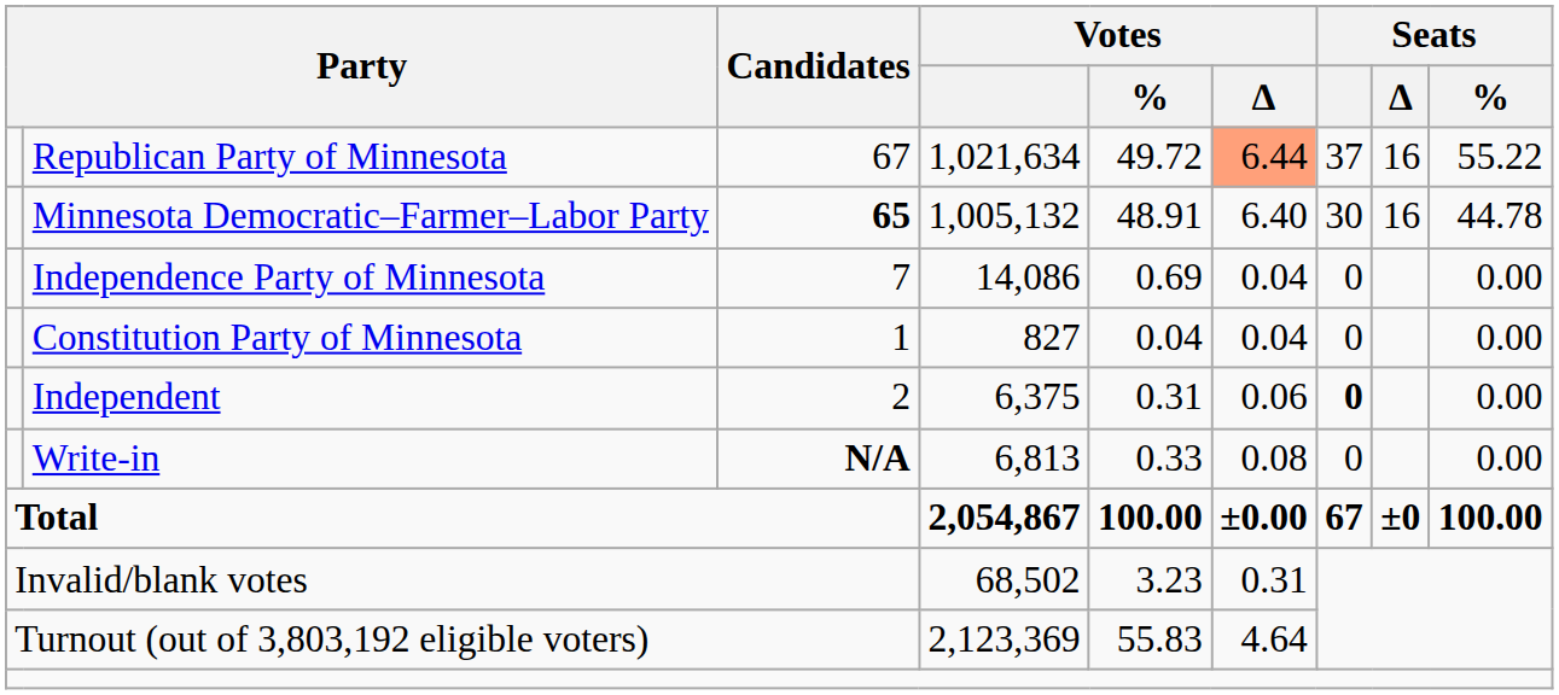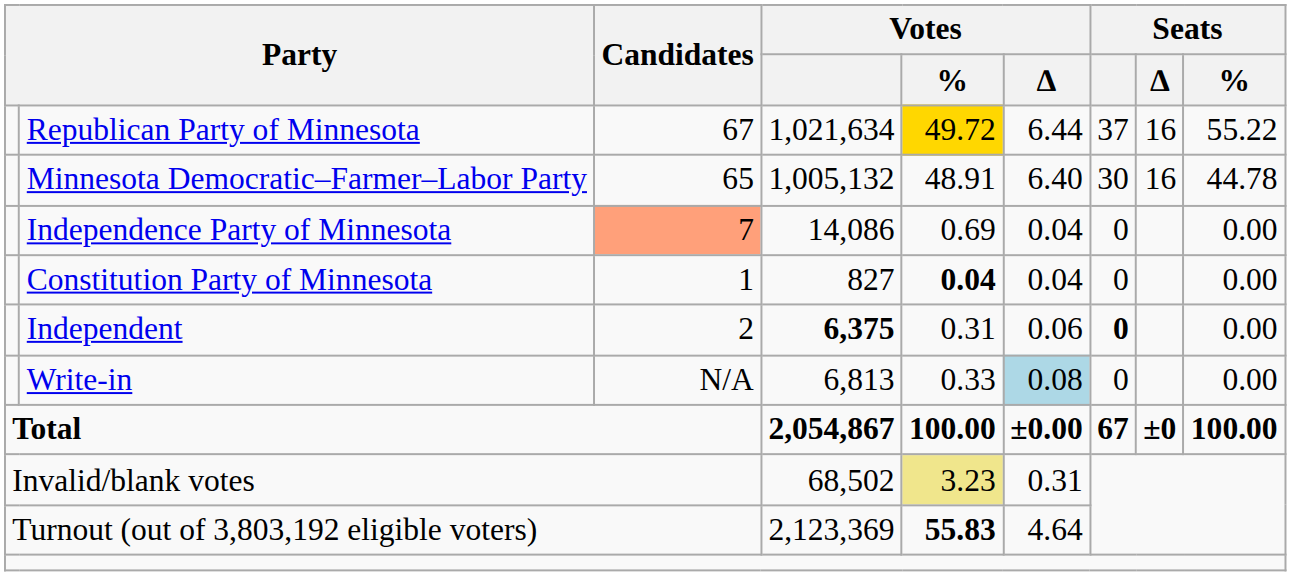 <table class="wikitable">
 <tr>
 <th rowspan="2" colspan="2">Party</th>
 <th rowspan="2">Candidates</th>
 <th colspan="3">Votes</th>
 <th colspan="3">Seats</th>
 </tr>
 <tr>
 <th></th>
 <th>%</th>
 <th>∆</th>
 <th></th>
 <th>∆</th>
 <th>%</th>
 </tr>
 <tr>
 <td style="background-color:"></td>
 <td><a href='#'>Republican Party of Minnesota</a></td>
 <td align="right">67</td>
 <td align="right">1,021,634</td>
-<td align="right">49.72</td>
-<td align="right" style="background: lightsalmon;">6.44</td>
+<td align="right" style="background: gold;">49.72</td>
+<td align="right">6.44</td>
 <td align="right">37</td>
 <td align="right">16</td>
 <td align="right">55.22</td>
 </tr>
 <tr>
 <td style="background-color:"></td>
 <td><a href='#'>Minnesota Democratic–Farmer–Labor Party</a></td>
-<td align="right"><strong>65</strong></td>
+<td align="right">65</td>
 <td align="right">1,005,132</td>
 <td align="right">48.91</td>
 <td align="right">6.40</td>
 <td align="right">30</td>
 <td align="right">16</td>
 <td align="right">44.78</td>
 </tr>
 <tr>
 <td style="background-color:"></td>
 <td><a href='#'>Independence Party of Minnesota</a></td>
-<td align="right">7</td>
+<td align="right" style="background: lightsalmon;">7</td>
 <td align="right">14,086</td>
 <td align="right">0.69</td>
 <td align="right">0.04</td>
 <td align="right">0</td>
 <td align="right"></td>
 <td align="right">0.00</td>
 </tr>
 <tr>
 <td style="background-color:"></td>
 <td><a href='#'>Constitution Party of Minnesota</a></td>
 <td align="right">1</td>
 <td align="right">827</td>
-<td align="right">0.04</td>
+<td align="right"><strong>0.04</strong></td>
 <td align="right">0.04</td>
 <td align="right">0</td>
 <td align="right"></td>
 <td align="right">0.00</td>
 </tr>
 <tr>
 <td style="background-color:"></td>
 <td><a href='#'>Independent</a></td>
 <td align="right">2</td>
-<td align="right">6,375</td>
+<td align="right"><strong>6,375</strong></td>
 <td align="right">0.31</td>
 <td align="right">0.06</td>
 <td align="right"><strong>0</strong></td>
 <td align="right"></td>
 <td align="right">0.00</td>
 </tr>
 <tr>
 <td style="background-color:"></td>
 <td><a href='#'>Write-in</a></td>
-<td align="right"><strong>N/A</strong></td>
+<td align="right">N/A</td>
 <td align="right">6,813</td>
 <td align="right">0.33</td>
-<td align="right">0.08</td>
+<td align="right" style="background: lightblue;">0.08</td>
 <td align="right">0</td>
 <td align="right"></td>
 <td align="right">0.00</td>
 </tr>
 <tr>
 <td colspan="3" align="left"><strong>Total</strong></td>
 <td align="right"><strong>2,054,867</strong></td>
 <td align="right"><strong>100.00</strong></td>
 <td align="right"><strong>±0.00</strong></td>
 <td align="right"><strong>67</strong></td>
 <td align="right"><strong>±0</strong></td>
 <td align="right"><strong>100.00</strong></td>
 </tr>
 <tr>
 <td colspan="3" align="left">Invalid/blank votes</td>
 <td colspan="1" align="right">68,502</td>
-<td colspan="1" align="right">3.23</td>
+<td colspan="1" align="right" style="background: khaki;">3.23</td>
 <td colspan="1" align="right">0.31</td>
 <td rowspan="2" colspan="3"></td>
 </tr>
 <tr>
 <td colspan="3" align="left">Turnout (out of 3,803,192 eligible voters)</td>
 <td colspan="1" align="right">2,123,369</td>
-<td colspan="1" align="right">55.83</td>
+<td colspan="1" align="right"><strong>55.83</strong></td>
 <td colspan="1" align="right">4.64</td>
 </tr>
 <tr>
 <td colspan="9"></td>
 </tr>
 </table>
